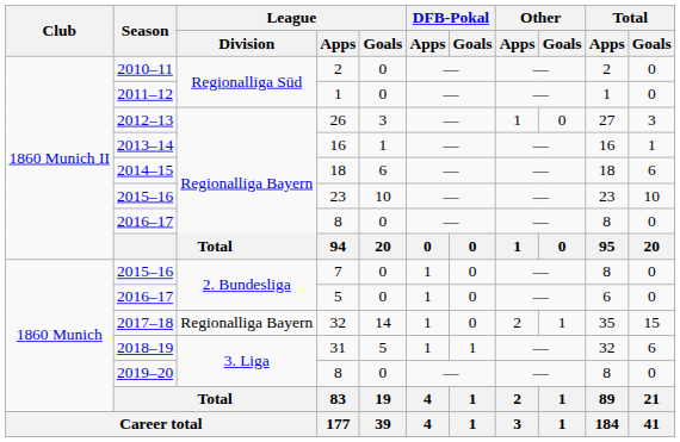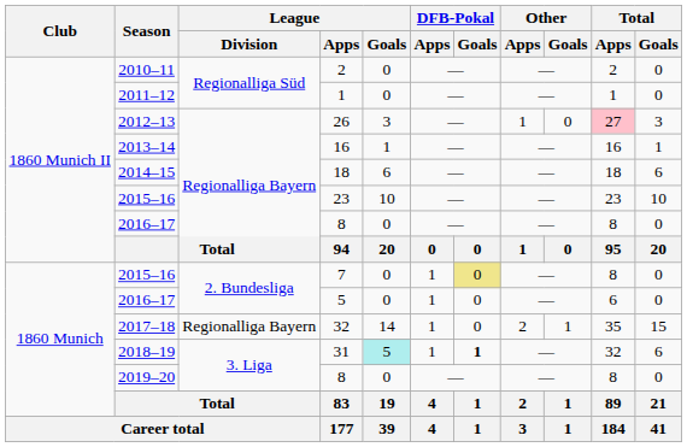 <table class="wikitable" style="text-align: center">
 <tr>
 <th rowspan="2">Club</th>
 <th rowspan="2">Season</th>
 <th colspan="3">League</th>
 <th colspan="2"><a href='#'>DFB-Pokal</a></th>
 <th colspan="2">Other</th>
 <th colspan="2">Total</th>
 </tr>
 <tr>
 <th>Division</th>
 <th>Apps</th>
 <th>Goals</th>
 <th>Apps</th>
 <th>Goals</th>
 <th>Apps</th>
 <th>Goals</th>
 <th>Apps</th>
 <th>Goals</th>
 </tr>
 <tr>
 <td rowspan="8"><a href='#'>1860 Munich II</a></td>
 <td><a href='#'>2010–11</a></td>
 <td rowspan="2"><a href='#'>Regionalliga Süd</a></td>
 <td>2</td>
 <td>0</td>
 <td colspan="2">—</td>
 <td colspan="2">—</td>
 <td>2</td>
 <td>0</td>
 </tr>
 <tr>
 <td><a href='#'>2011–12</a></td>
 <td>1</td>
 <td>0</td>
 <td colspan="2">—</td>
 <td colspan="2">—</td>
 <td>1</td>
 <td>0</td>
 </tr>
 <tr>
 <td><a href='#'>2012–13</a></td>
 <td rowspan="6"><a href='#'>Regionalliga Bayern</a></td>
 <td>26</td>
 <td>3</td>
 <td colspan="2">—</td>
 <td>1</td>
 <td>0</td>
-<td>27</td>
+<td style="background: pink;">27</td>
 <td>3</td>
 </tr>
 <tr>
 <td><a href='#'>2013–14</a></td>
 <td>16</td>
 <td>1</td>
 <td colspan="2">—</td>
 <td colspan="2">—</td>
 <td>16</td>
 <td>1</td>
 </tr>
 <tr>
 <td><a href='#'>2014–15</a></td>
 <td>18</td>
 <td>6</td>
 <td colspan="2">—</td>
 <td colspan="2">—</td>
 <td>18</td>
 <td>6</td>
 </tr>
 <tr>
 <td><a href='#'>2015–16</a></td>
 <td>23</td>
 <td>10</td>
 <td colspan="2">—</td>
 <td colspan="2">—</td>
 <td>23</td>
 <td>10</td>
 </tr>
 <tr>
 <td><a href='#'>2016–17</a></td>
 <td>8</td>
 <td>0</td>
 <td colspan="2">—</td>
 <td colspan="2">—</td>
 <td>8</td>
 <td>0</td>
 </tr>
 <tr>
 <th colspan="2">Total</th>
 <th>94</th>
 <th>20</th>
 <th>0</th>
 <th>0</th>
 <th>1</th>
 <th>0</th>
 <th>95</th>
 <th>20</th>
 </tr>
 <tr>
 <td rowspan="6"><a href='#'>1860 Munich</a></td>
 <td><a href='#'>2015–16</a></td>
 <td rowspan="2"><a href='#'>2. Bundesliga</a></td>
 <td>7</td>
 <td>0</td>
 <td>1</td>
-<td>0</td>
+<td style="background: khaki;">0</td>
 <td colspan="2">—</td>
 <td>8</td>
 <td>0</td>
 </tr>
 <tr>
 <td><a href='#'>2016–17</a></td>
 <td>5</td>
 <td>0</td>
 <td>1</td>
 <td>0</td>
 <td colspan="2">—</td>
 <td>6</td>
 <td>0</td>
 </tr>
 <tr>
 <td><a href='#'>2017–18</a></td>
 <td>Regionalliga Bayern</td>
 <td>32</td>
 <td>14</td>
 <td>1</td>
 <td>0</td>
 <td>2</td>
 <td>1</td>
 <td>35</td>
 <td>15</td>
 </tr>
 <tr>
 <td><a href='#'>2018–19</a></td>
 <td rowspan="2"><a href='#'>3. Liga</a></td>
 <td>31</td>
-<td>5</td>
+<td style="background: paleturquoise;">5</td>
 <td>1</td>
-<td>1</td>
+<td><strong>1</strong></td>
 <td colspan="2">—</td>
 <td>32</td>
 <td>6</td>
 </tr>
 <tr>
 <td><a href='#'>2019–20</a></td>
 <td>8</td>
 <td>0</td>
 <td colspan="2">—</td>
 <td colspan="2">—</td>
 <td>8</td>
 <td>0</td>
 </tr>
 <tr>
 <th colspan="2">Total</th>
 <th>83</th>
 <th>19</th>
 <th>4</th>
 <th>1</th>
 <th>2</th>
 <th>1</th>
 <th>89</th>
 <th>21</th>
 </tr>
 <tr>
 <th colspan="3">Career total</th>
 <th>177</th>
 <th>39</th>
 <th>4</th>
 <th>1</th>
 <th>3</th>
 <th>1</th>
 <th>184</th>
 <th>41</th>
 </tr>
 </table>
